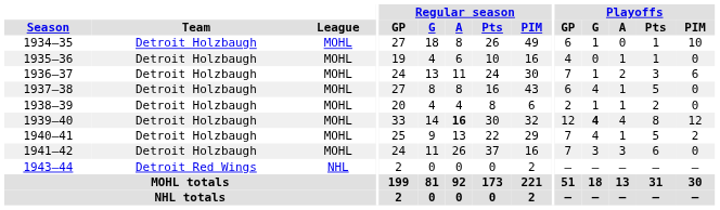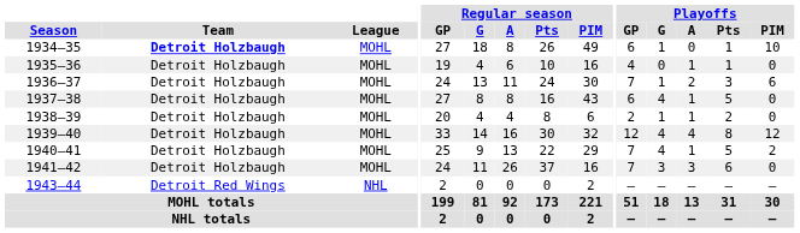 <table border="0" cellpadding="1" cellspacing="0" style="text-align:center; width:60em">
 <tr bgcolor="#e0e0e0">
 <th colspan="3" bgcolor="#ffffff"></th>
 <th rowspan="100" bgcolor="#ffffff"></th>
 <th colspan="5"><a href='#'>Regular season</a></th>
 <th rowspan="100" bgcolor="#ffffff"></th>
 <th colspan="5"><a href='#'>Playoffs</a></th>
 </tr>
 <tr bgcolor="#e0e0e0">
 <th><a href='#'>Season</a></th>
 <th>Team</th>
 <th>League</th>
 <th>GP</th>
 <th><a href='#'>G</a></th>
 <th><a href='#'>A</a></th>
 <th><a href='#'>Pts</a></th>
 <th><a href='#'>PIM</a></th>
 <th>GP</th>
 <th>G</th>
 <th>A</th>
 <th>Pts</th>
 <th>PIM</th>
 </tr>
 <tr>
 <td>1934–35</td>
-<td><a href='#'>Detroit Holzbaugh</a></td>
+<td><strong><a href='#'>Detroit Holzbaugh</a></strong></td>
 <td><a href='#'>MOHL</a></td>
 <td>27</td>
 <td>18</td>
 <td>8</td>
 <td>26</td>
 <td>49</td>
 <td>6</td>
 <td>1</td>
 <td>0</td>
 <td>1</td>
 <td>10</td>
 </tr>
 <tr bgcolor="#f0f0f0">
 <td>1935–36</td>
 <td>Detroit Holzbaugh</td>
 <td>MOHL</td>
 <td>19</td>
 <td>4</td>
 <td>6</td>
 <td>10</td>
 <td>16</td>
 <td>4</td>
 <td>0</td>
 <td>1</td>
 <td>1</td>
 <td>0</td>
 </tr>
 <tr>
 <td>1936–37</td>
 <td>Detroit Holzbaugh</td>
 <td>MOHL</td>
 <td>24</td>
 <td>13</td>
 <td>11</td>
 <td>24</td>
 <td>30</td>
 <td>7</td>
 <td>1</td>
 <td>2</td>
 <td>3</td>
 <td>6</td>
 </tr>
 <tr bgcolor="#f0f0f0">
 <td>1937–38</td>
 <td>Detroit Holzbaugh</td>
 <td>MOHL</td>
 <td>27</td>
 <td>8</td>
 <td>8</td>
 <td>16</td>
 <td>43</td>
 <td>6</td>
 <td>4</td>
 <td>1</td>
 <td>5</td>
 <td>0</td>
 </tr>
 <tr>
 <td>1938–39</td>
 <td>Detroit Holzbaugh</td>
 <td>MOHL</td>
 <td>20</td>
 <td>4</td>
 <td>4</td>
 <td>8</td>
 <td>6</td>
 <td>2</td>
 <td>1</td>
 <td>1</td>
 <td>2</td>
 <td>0</td>
 </tr>
 <tr bgcolor="#f0f0f0">
 <td>1939–40</td>
 <td>Detroit Holzbaugh</td>
 <td>MOHL</td>
 <td>33</td>
 <td>14</td>
-<td><strong>16</strong></td>
+<td>16</td>
 <td>30</td>
 <td>32</td>
 <td>12</td>
-<td><strong>4</strong></td>
+<td>4</td>
 <td>4</td>
 <td>8</td>
 <td>12</td>
 </tr>
 <tr>
 <td>1940–41</td>
 <td>Detroit Holzbaugh</td>
 <td>MOHL</td>
 <td>25</td>
 <td>9</td>
 <td>13</td>
 <td>22</td>
 <td>29</td>
 <td>7</td>
 <td>4</td>
 <td>1</td>
 <td>5</td>
 <td>2</td>
 </tr>
 <tr bgcolor="#f0f0f0">
 <td>1941–42</td>
 <td>Detroit Holzbaugh</td>
 <td>MOHL</td>
 <td>24</td>
 <td>11</td>
 <td>26</td>
 <td>37</td>
 <td>16</td>
 <td>7</td>
 <td>3</td>
 <td>3</td>
 <td>6</td>
 <td>0</td>
 </tr>
 <tr>
 <td><a href='#'>1943–44</a></td>
 <td><a href='#'>Detroit Red Wings</a></td>
 <td><a href='#'>NHL</a></td>
 <td>2</td>
 <td>0</td>
 <td>0</td>
 <td>0</td>
 <td>2</td>
 <td>—</td>
 <td>—</td>
 <td>—</td>
 <td>—</td>
 <td>—</td>
 </tr>
 <tr bgcolor="#e0e0e0">
 <th colspan="3">MOHL totals</th>
 <th>199</th>
 <th>81</th>
 <th>92</th>
 <th>173</th>
 <th>221</th>
 <th>51</th>
 <th>18</th>
 <th>13</th>
 <th>31</th>
 <th>30</th>
 </tr>
 <tr bgcolor="#e0e0e0">
 <th colspan="3">NHL totals</th>
 <th>2</th>
 <th>0</th>
 <th>0</th>
 <th>0</th>
 <th>2</th>
 <th>—</th>
 <th>—</th>
 <th>—</th>
 <th>—</th>
 <th>—</th>
 </tr>
 </table>
